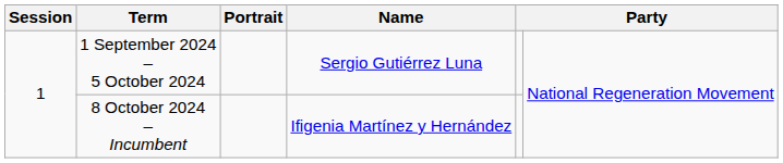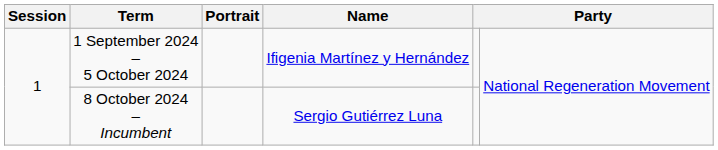 <table class="wikitable sortable" style="text-align:center">
 <tr>
 <th>Session</th>
 <th class="unsortable" scope="col">Term</th>
 <th class="unsortable" scope="col">Portrait</th>
 <th scope="col">Name</th>
 <th colspan="2" scope="col">Party</th>
 </tr>
 <tr>
 <td rowspan="2">1</td>
 <td>1 September 2024<br>–<br>5 October 2024</td>
 <td></td>
-<td><a href='#'>Sergio Gutiérrez Luna</a></td>
+<td><a href='#'>Ifigenia Martínez y Hernández</a></td>
 <td style="background:"></td>
 <td rowspan="2"><a href='#'>National Regeneration Movement</a></td>
 </tr>
 <tr>
 <td>8 October 2024<br>–<br><em>Incumbent</em></td>
 <td></td>
-<td><a href='#'>Ifigenia Martínez y Hernández</a></td>
+<td><a href='#'>Sergio Gutiérrez Luna</a></td>
 <td style="background:"></td>
 </tr>
 </table>
